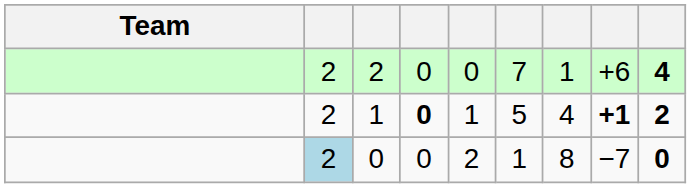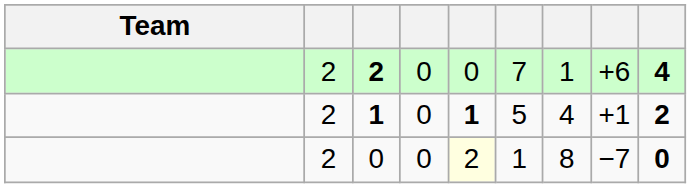 <table class="wikitable" style="text-align:center">
 <tr>
 <th width=165>Team</th>
 <th width=20></th>
 <th width=20></th>
 <th width=20></th>
 <th width=20></th>
 <th width=20></th>
 <th width=20></th>
 <th width=20></th>
 <th width=20></th>
 </tr>
 <tr bgcolor=ccffcc>
 <td align=left></td>
 <td>2</td>
-<td>2</td>
+<td><strong>2</strong></td>
 <td>0</td>
 <td>0</td>
 <td>7</td>
 <td>1</td>
 <td>+6</td>
 <td><strong>4</strong></td>
 </tr>
 <tr>
 <td align=left></td>
 <td>2</td>
-<td>1</td>
-<td><strong>0</strong></td>
-<td>1</td>
+<td><strong>1</strong></td>
+<td>0</td>
+<td><strong>1</strong></td>
 <td>5</td>
 <td>4</td>
-<td><strong>+1</strong></td>
+<td>+1</td>
 <td><strong>2</strong></td>
 </tr>
 <tr>
 <td align=left></td>
-<td style="background: lightblue;">2</td>
+<td>2</td>
 <td>0</td>
 <td>0</td>
-<td>2</td>
+<td style="background: lightyellow;">2</td>
 <td>1</td>
 <td>8</td>
 <td>−7</td>
 <td><strong>0</strong></td>
 </tr>
 </table>
